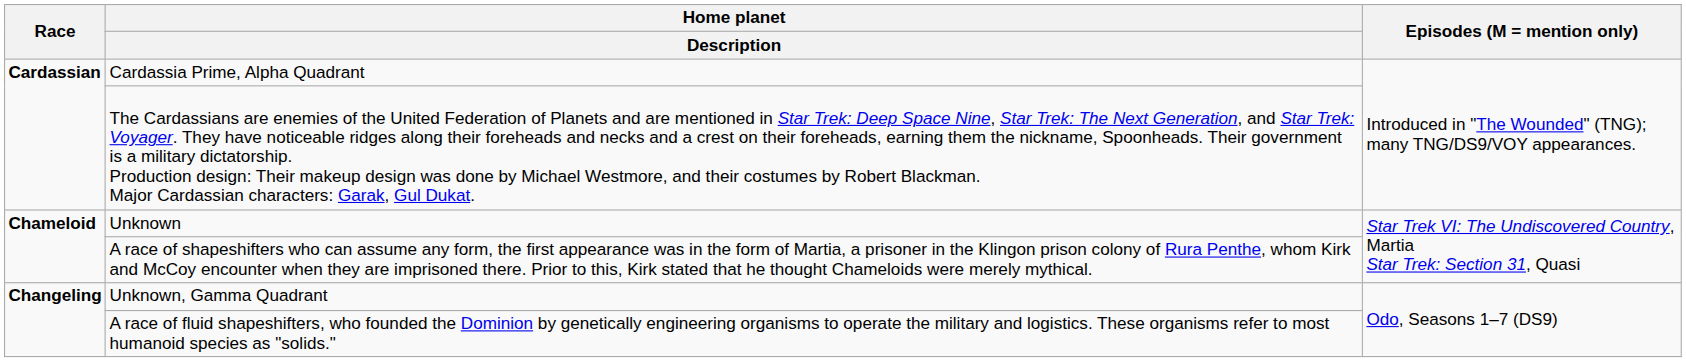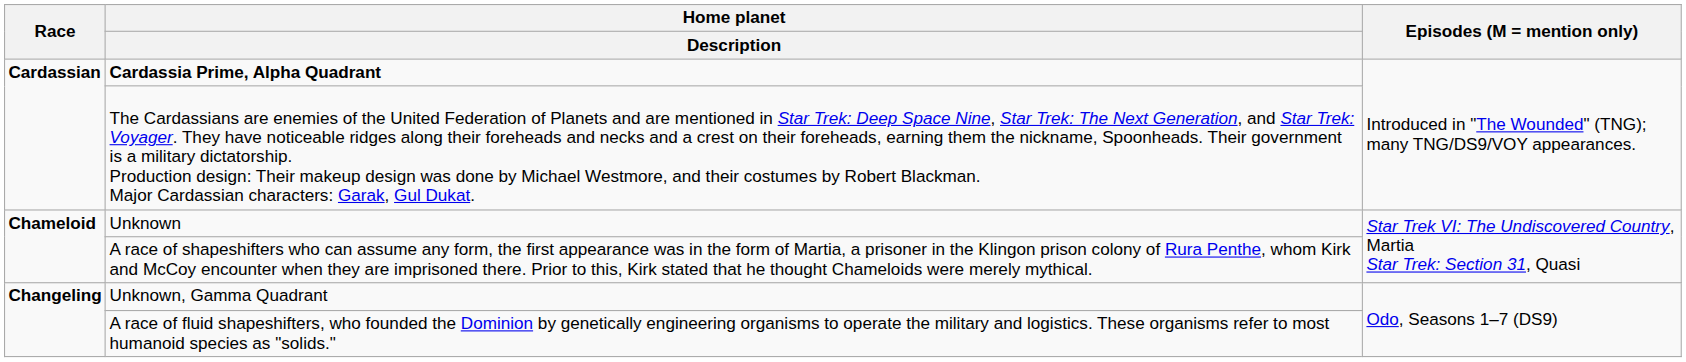 <table class="wikitable">
 <tr>
 <th rowspan="2">Race</th>
 <th>Home planet</th>
 <th rowspan="2">Episodes (M = mention only)</th>
 </tr>
 <tr>
 <th>Description</th>
 </tr>
 <tr>
 <td rowspan="2" style="vertical-align: top;"><strong>Cardassian</strong> </td>
-<td>Cardassia Prime, Alpha Quadrant</td>
+<td><strong>Cardassia Prime, Alpha Quadrant</strong></td>
 <td rowspan="2">Introduced in "<a href='#'>The Wounded</a>" (TNG); many TNG/DS9/VOY appearances.</td>
 </tr>
 <tr>
 <td><br>The Cardassians are enemies of the United Federation of Planets and are mentioned in <em><a href='#'>Star Trek: Deep Space Nine</a></em>, <em><a href='#'>Star Trek: The Next Generation</a></em>, and <em><a href='#'>Star Trek: Voyager</a></em>. They have noticeable ridges along their foreheads and necks and a crest on their foreheads, earning them the nickname, Spoonheads. Their government is a military dictatorship.<br>Production design: Their makeup design was done by Michael Westmore, and their costumes by Robert Blackman.<br>Major Cardassian characters: <a href='#'>Garak</a>, <a href='#'>Gul Dukat</a>.</td>
 </tr>
 <tr>
 <td rowspan="2" style="vertical-align: top;"><strong>Chameloid</strong> </td>
 <td>Unknown</td>
 <td rowspan="2"><em><a href='#'>Star Trek VI: The Undiscovered Country</a></em>, Martia<br><em><a href='#'>Star Trek: Section 31</a></em>, Quasi</td>
 </tr>
 <tr>
 <td>A race of shapeshifters who can assume any form, the first appearance was in the form of Martia, a prisoner in the Klingon prison colony of <a href='#'>Rura Penthe</a>, whom Kirk and McCoy encounter when they are imprisoned there. Prior to this, Kirk stated that he thought Chameloids were merely mythical.</td>
 </tr>
 <tr>
 <td rowspan="2" style="vertical-align: top;"><strong>Changeling</strong> </td>
 <td>Unknown, Gamma Quadrant</td>
 <td rowspan="2"> <a href='#'>Odo</a>, Seasons 1–7 (DS9)</td>
 </tr>
 <tr>
 <td>A race of fluid shapeshifters, who founded the <a href='#'>Dominion</a> by genetically engineering organisms to operate the military and logistics. These organisms refer to most humanoid species as "solids."</td>
 </tr>
 </table>
